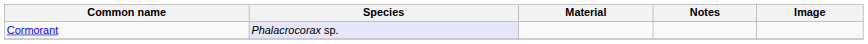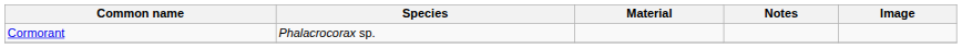 <table class="wikitable" align="center" width="100%">
 <tr>
 <th>Common name</th>
 <th>Species</th>
 <th>Material</th>
 <th>Notes</th>
 <th>Image</th>
 </tr>
 <tr>
 <td><a href='#'>Cormorant</a></td>
-<td style="background: lavender;"><em>Phalacrocorax</em> sp.</td>
+<td><em>Phalacrocorax</em> sp.</td>
 <td></td>
 <td></td>
 <td></td>
 </tr>
 <tr>
 </tr>
 </table>
